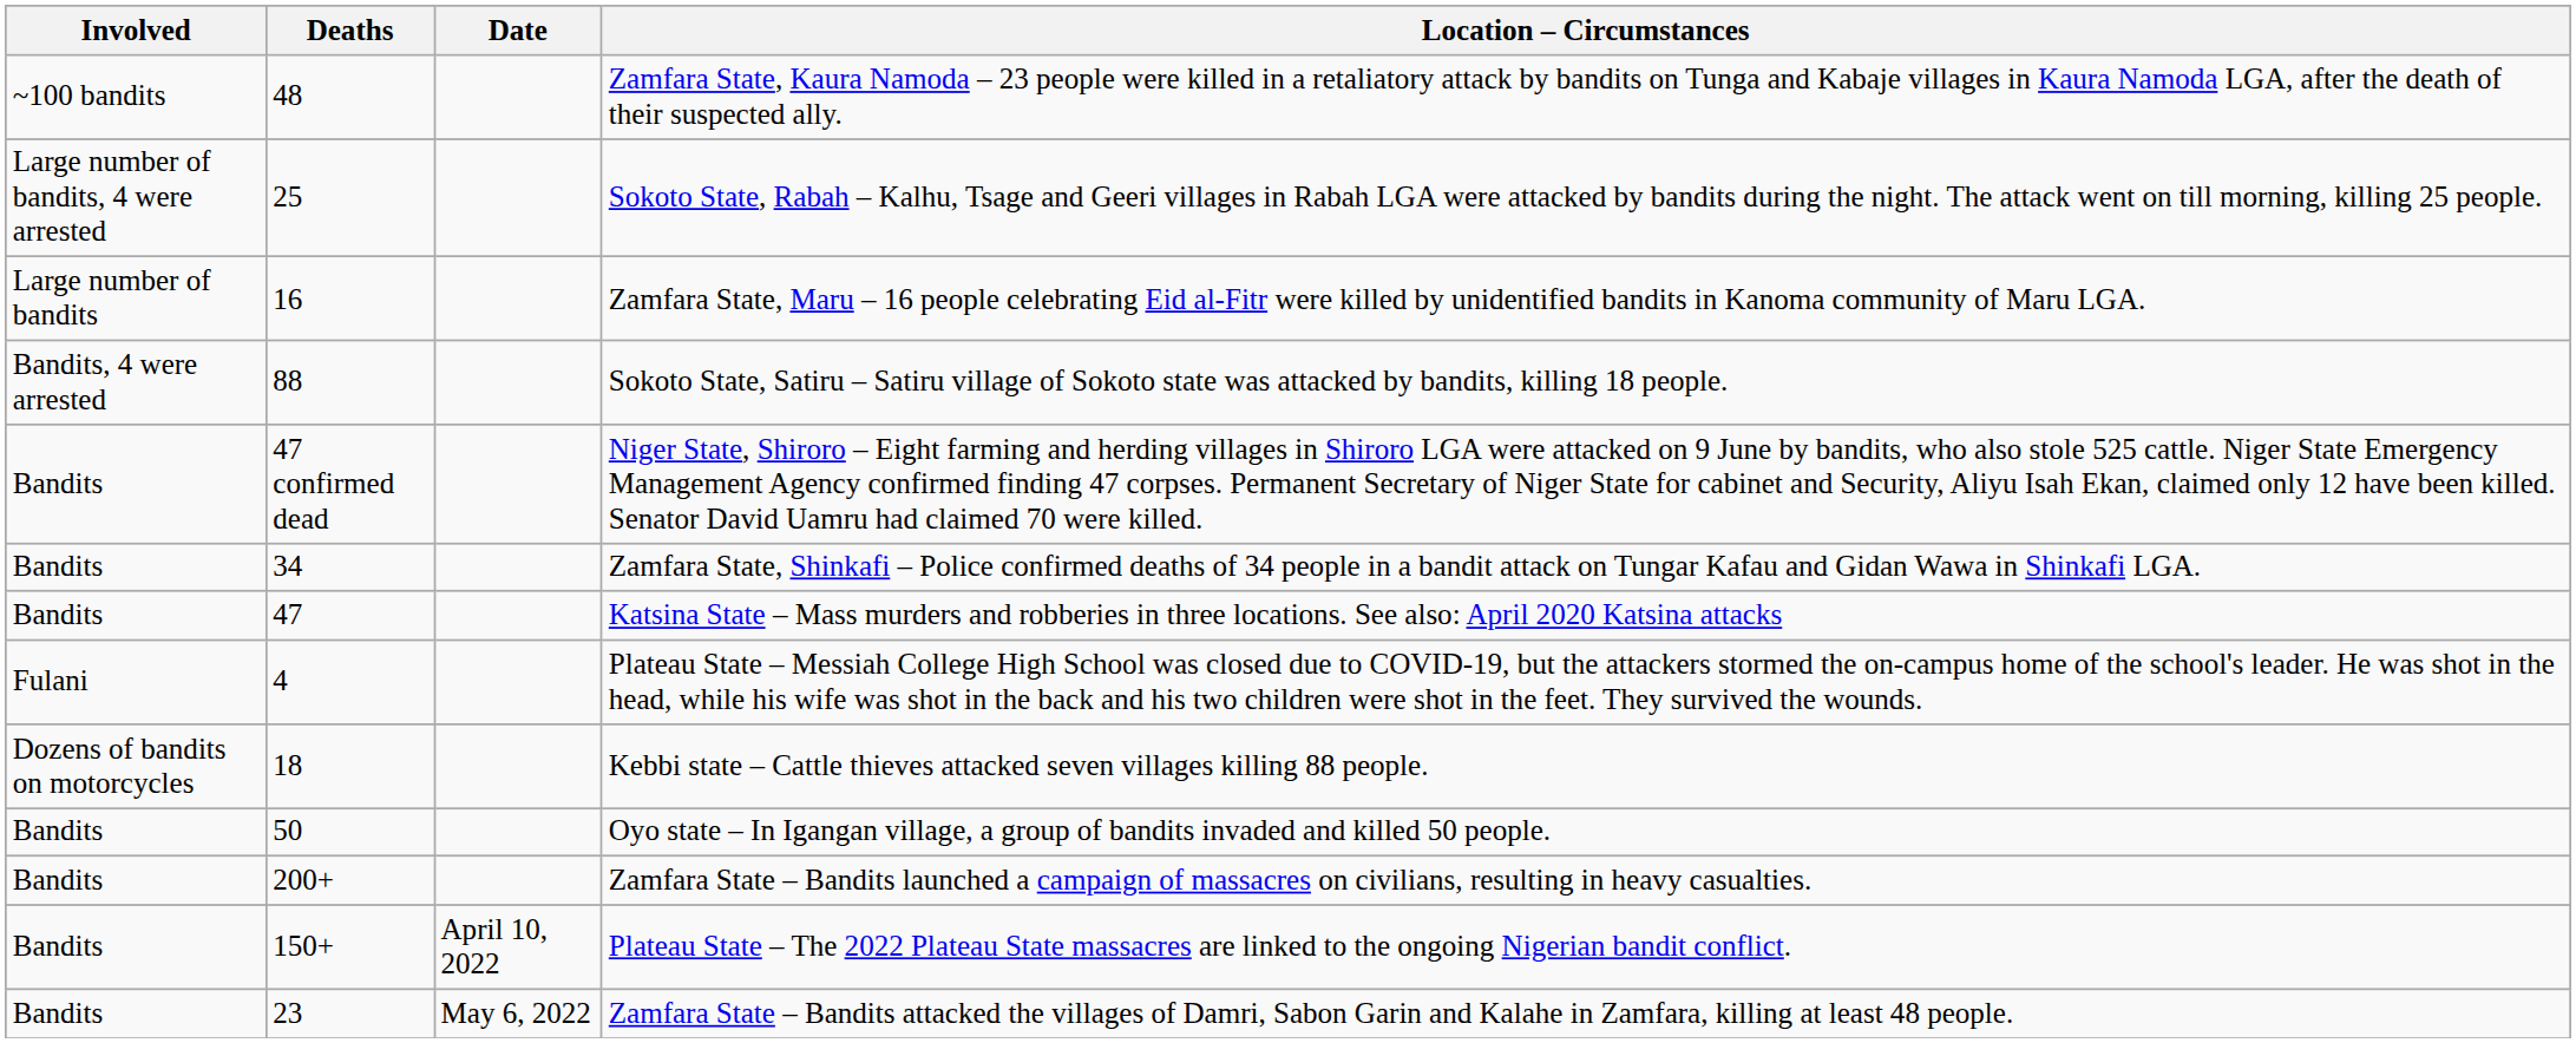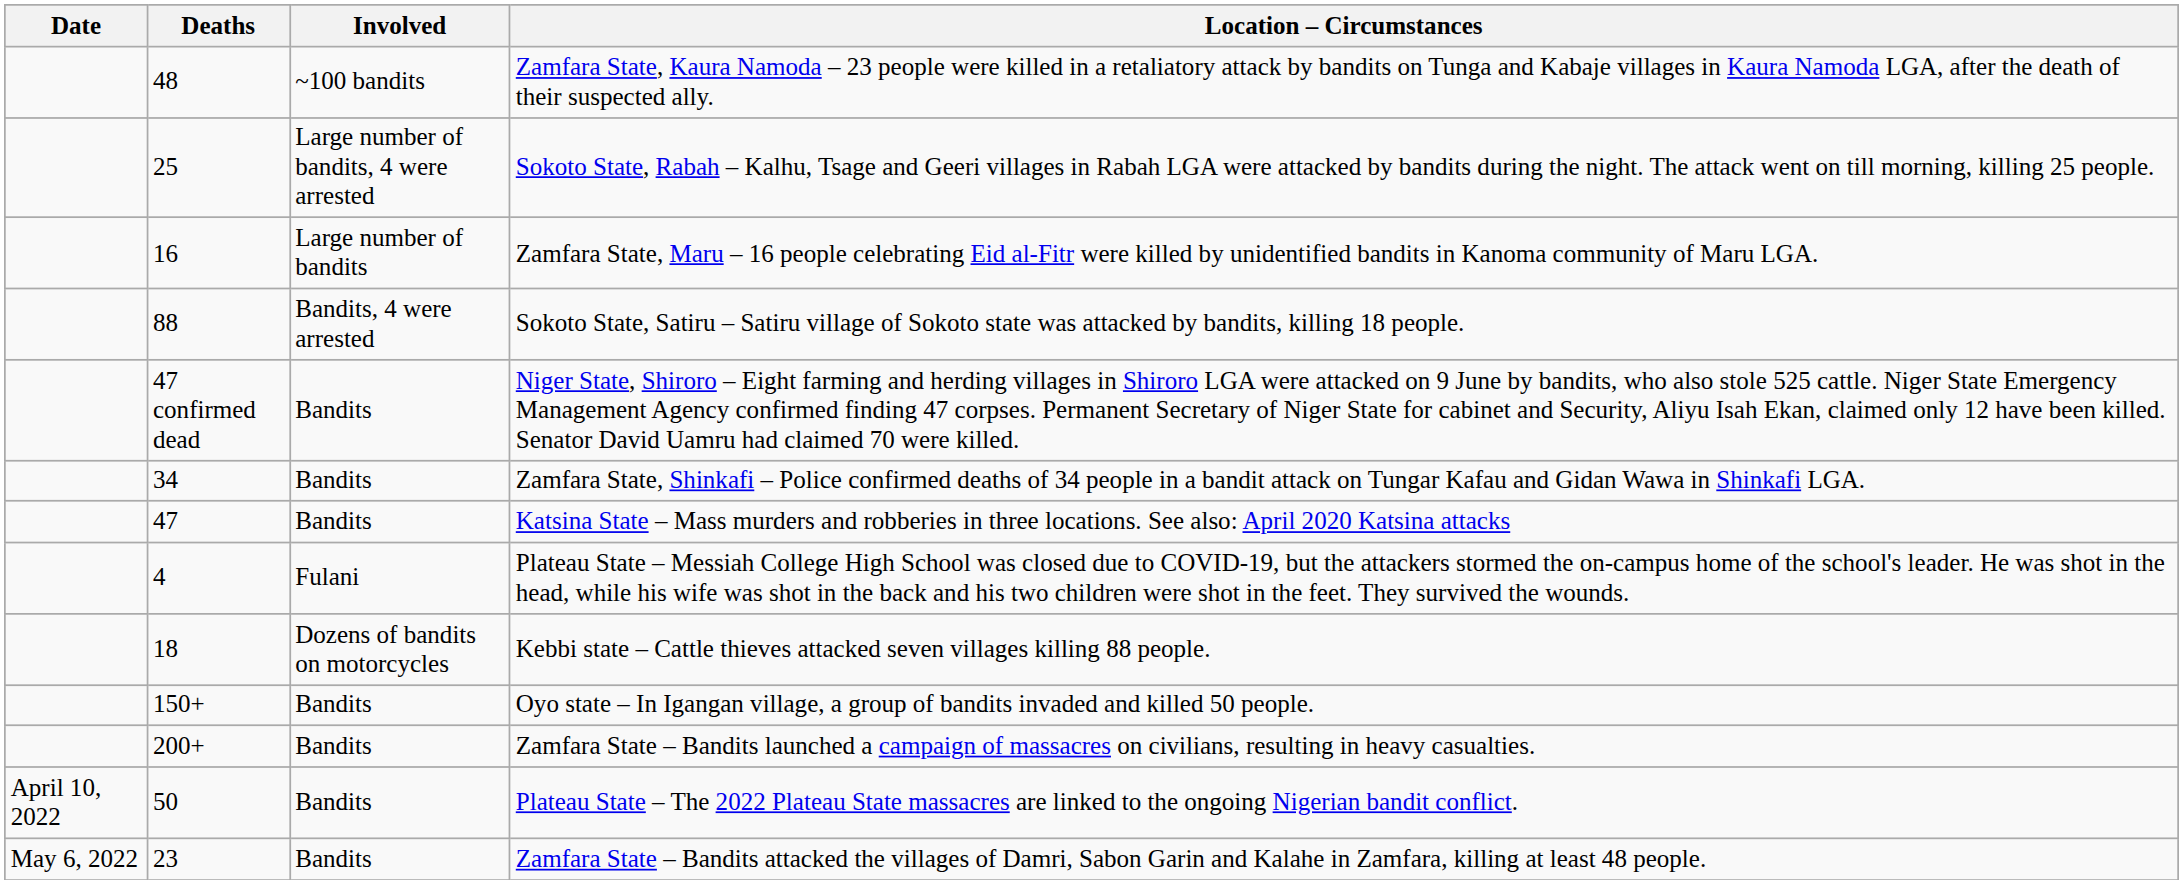 <table class="sortable wikitable" style="font-size:90%;">
 <tr>
+<th style="width:75px;">Date</th>
+<th style="width:75px;">Deaths</th>
 <th style="width:120px;">Involved</th>
-<th style="width:75px;">Deaths</th>
-<th style="width:75px;">Date</th>
 <th class="unsortable">Location – Circumstances</th>
 </tr>
 <tr>
+<td></td>
+<td>48</td>
 <td>~100 bandits</td>
-<td>48</td>
-<td></td>
 <td><a href='#'>Zamfara State</a>, <a href='#'>Kaura Namoda</a> – 23 people were killed in a retaliatory attack by bandits on Tunga and Kabaje villages in <a href='#'>Kaura Namoda</a> LGA, after the death of their suspected ally.</td>
 </tr>
 <tr>
+<td></td>
+<td>25</td>
 <td>Large number of bandits, 4 were arrested</td>
-<td>25</td>
-<td></td>
 <td><a href='#'>Sokoto State</a>, <a href='#'>Rabah</a> – Kalhu, Tsage and Geeri villages in Rabah LGA were attacked by bandits during the night. The attack went on till morning, killing 25 people.</td>
 </tr>
 <tr>
+<td></td>
+<td>16</td>
 <td>Large number of bandits</td>
-<td>16</td>
-<td></td>
 <td>Zamfara State, <a href='#'>Maru</a> – 16 people celebrating <a href='#'>Eid al-Fitr</a> were killed by unidentified bandits in Kanoma community of Maru LGA.</td>
 </tr>
 <tr>
+<td></td>
+<td>88</td>
 <td>Bandits, 4 were arrested</td>
-<td>88</td>
-<td></td>
 <td>Sokoto State, Satiru – Satiru village of Sokoto state was attacked by bandits, killing 18 people.</td>
 </tr>
 <tr>
+<td></td>
+<td>47 confirmed dead</td>
 <td>Bandits</td>
-<td>47 confirmed dead</td>
-<td></td>
 <td><a href='#'>Niger State</a>, <a href='#'>Shiroro</a> – Eight farming and herding villages in <a href='#'>Shiroro</a> LGA were attacked on 9 June by bandits, who also stole 525 cattle. Niger State Emergency Management Agency confirmed finding 47 corpses. Permanent Secretary of Niger State for cabinet and Security, Aliyu Isah Ekan, claimed only 12 have been killed. Senator David Uamru had claimed 70 were killed.</td>
 </tr>
 <tr>
+<td></td>
+<td>34</td>
 <td>Bandits</td>
-<td>34</td>
-<td></td>
 <td>Zamfara State, <a href='#'>Shinkafi</a> – Police confirmed deaths of 34 people in a bandit attack on Tungar Kafau and Gidan Wawa in <a href='#'>Shinkafi</a> LGA.</td>
 </tr>
 <tr>
+<td></td>
+<td>47</td>
 <td>Bandits</td>
-<td>47</td>
-<td></td>
 <td><a href='#'>Katsina State</a> – Mass murders and robberies in three locations. See also: <a href='#'>April 2020 Katsina attacks</a></td>
 </tr>
 <tr>
+<td></td>
+<td>4</td>
 <td>Fulani</td>
-<td>4</td>
-<td></td>
 <td>Plateau State – Messiah College High School was closed due to COVID-19, but the attackers stormed the on-campus home of the school's leader. He was shot in the head, while his wife was shot in the back and his two children were shot in the feet. They survived the wounds.</td>
 </tr>
 <tr>
+<td></td>
+<td>18</td>
 <td>Dozens of bandits on motorcycles</td>
-<td>18</td>
-<td></td>
 <td>Kebbi state – Cattle thieves attacked seven villages killing 88 people.</td>
 </tr>
 <tr>
+<td></td>
+<td>150+</td>
 <td>Bandits</td>
-<td>50</td>
-<td></td>
 <td>Oyo state – In Igangan village, a group of bandits invaded and killed 50 people.</td>
 </tr>
 <tr>
+<td></td>
+<td>200+</td>
 <td>Bandits</td>
-<td>200+</td>
-<td></td>
 <td>Zamfara State – Bandits launched a <a href='#'>campaign of massacres</a> on civilians, resulting in heavy casualties.</td>
 </tr>
 <tr>
+<td>April 10, 2022</td>
+<td>50</td>
 <td>Bandits</td>
-<td>150+</td>
-<td>April 10, 2022</td>
 <td><a href='#'>Plateau State</a> – The <a href='#'>2022 Plateau State massacres</a> are linked to the ongoing <a href='#'>Nigerian bandit conflict</a>.</td>
 </tr>
 <tr>
+<td>May 6, 2022</td>
+<td>23</td>
 <td>Bandits</td>
-<td>23</td>
-<td>May 6, 2022</td>
 <td><a href='#'>Zamfara State</a> – Bandits attacked the villages of Damri, Sabon Garin and Kalahe in Zamfara, killing at least 48 people.</td>
 </tr>
 </table>
